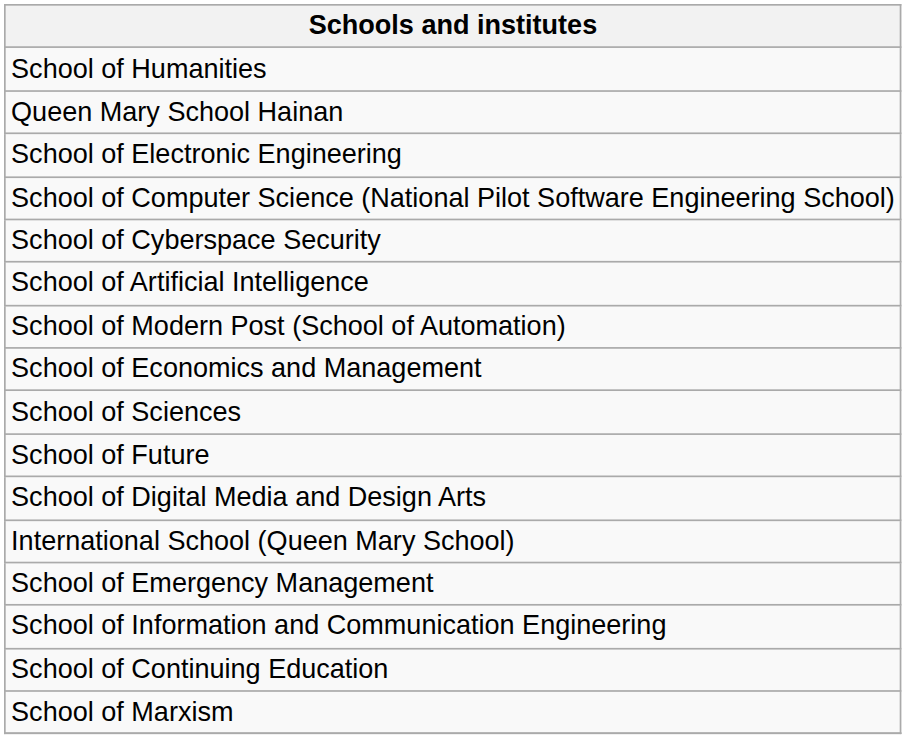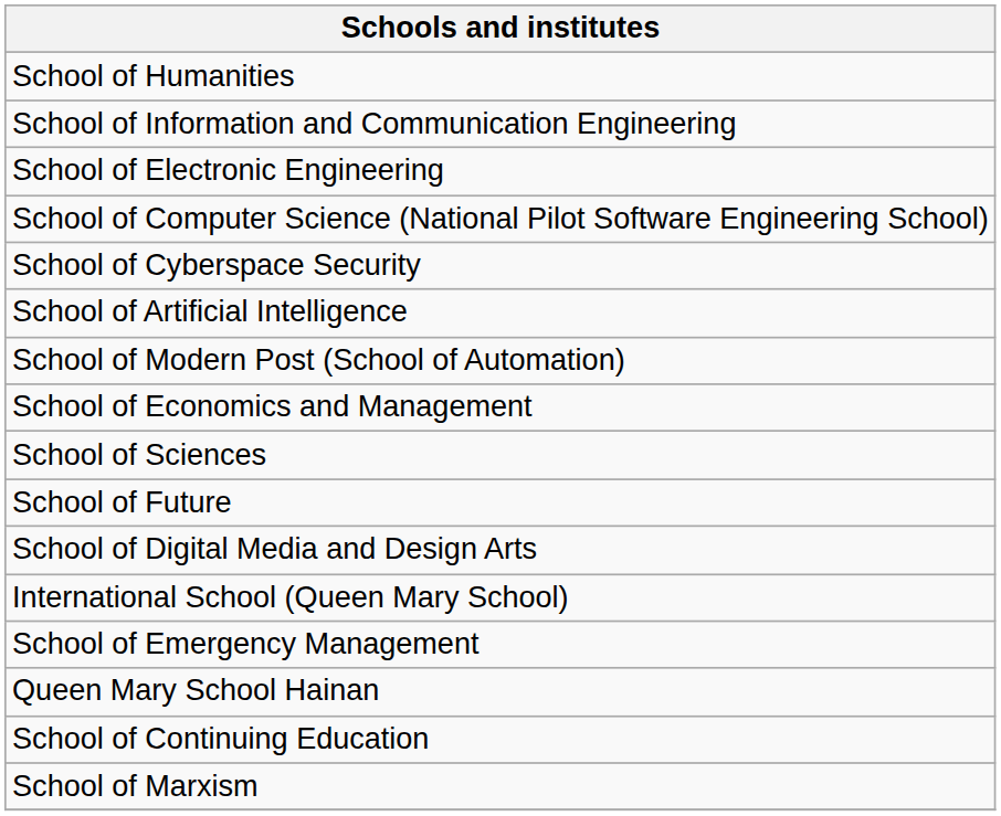 <table class="wikitable">
 <tr>
 <th>Schools and institutes</th>
 </tr>
 <tr>
 <td>School of Humanities</td>
 </tr>
 <tr>
-<td>Queen Mary School Hainan</td>
+<td>School of Information and Communication Engineering</td>
 </tr>
 <tr>
 <td>School of Electronic Engineering</td>
 </tr>
 <tr>
 <td>School of Computer Science (National Pilot Software Engineering School)</td>
 </tr>
 <tr>
 <td>School of Cyberspace Security</td>
 </tr>
 <tr>
 <td>School of Artificial Intelligence</td>
 </tr>
 <tr>
 <td>School of Modern Post (School of Automation)</td>
 </tr>
 <tr>
 <td>School of Economics and Management</td>
 </tr>
 <tr>
 <td>School of Sciences</td>
 </tr>
 <tr>
 <td>School of Future</td>
 </tr>
 <tr>
 <td>School of Digital Media and Design Arts</td>
 </tr>
 <tr>
 <td>International School (Queen Mary School)</td>
 </tr>
 <tr>
 <td>School of Emergency Management</td>
 </tr>
 <tr>
-<td>School of Information and Communication Engineering</td>
+<td>Queen Mary School Hainan</td>
 </tr>
 <tr>
 <td>School of Continuing Education</td>
 </tr>
 <tr>
 <td>School of Marxism</td>
 </tr>
 <tr>
 </tr>
 </table>
